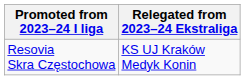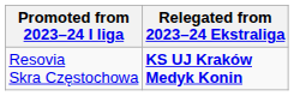 <table class="wikitable">
 <tr>
 <th>Promoted from<br><a href='#'>2023–24 I liga</a></th>
 <th>Relegated from<br><a href='#'>2023–24 Ekstraliga</a></th>
 </tr>
 <tr>
 <td> <a href='#'>Resovia</a> <br>  <a href='#'>Skra Częstochowa</a> </td>
-<td> <a href='#'>KS UJ Kraków</a> <br> <a href='#'>Medyk Konin</a> </td>
+<td><strong> <a href='#'>KS UJ Kraków</a> <br> <a href='#'>Medyk Konin</a> </strong></td>
 </tr>
 </table>
